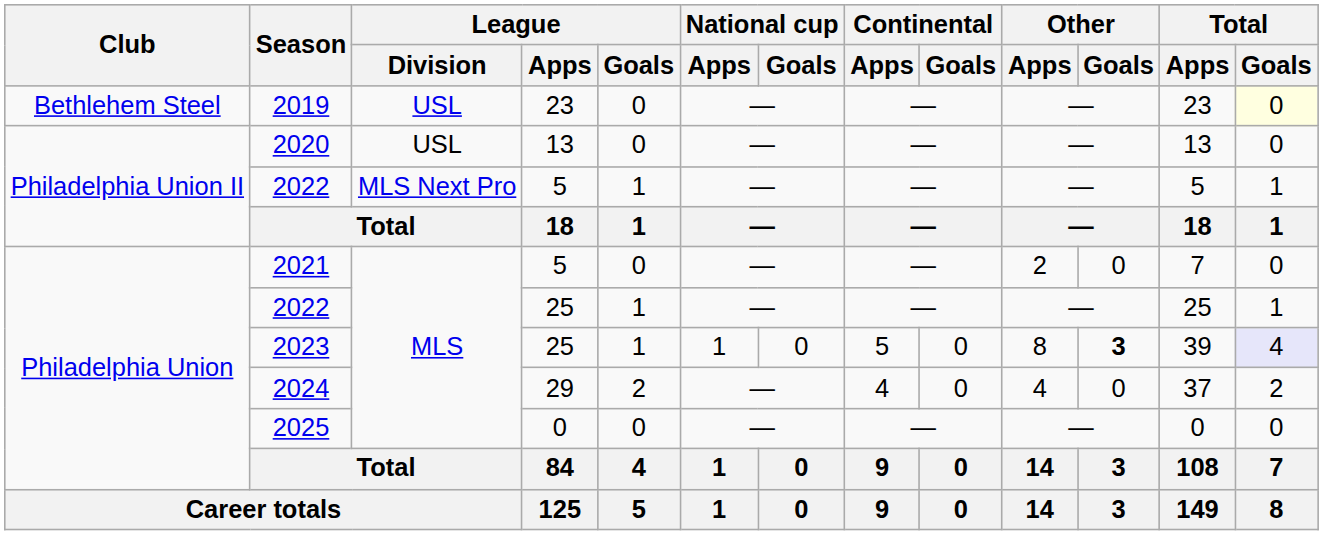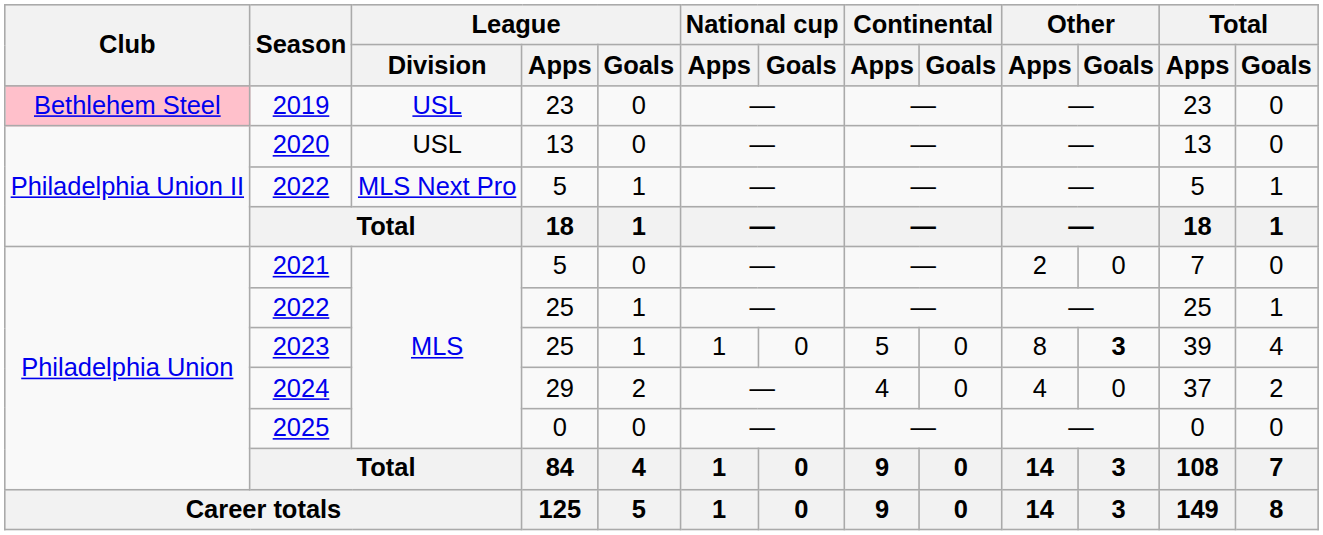 <table class="wikitable" style="text-align:center">
 <tr>
 <th rowspan="2">Club</th>
 <th rowspan="2">Season</th>
 <th colspan="3">League</th>
 <th colspan="2">National cup</th>
 <th colspan="2">Continental</th>
 <th colspan="2">Other</th>
 <th colspan="2">Total</th>
 </tr>
 <tr>
 <th>Division</th>
 <th>Apps</th>
 <th>Goals</th>
 <th>Apps</th>
 <th>Goals</th>
 <th>Apps</th>
 <th>Goals</th>
 <th>Apps</th>
 <th>Goals</th>
 <th>Apps</th>
 <th>Goals</th>
 </tr>
 <tr>
-<td><a href='#'>Bethlehem Steel</a></td>
+<td style="background: pink;"><a href='#'>Bethlehem Steel</a></td>
 <td><a href='#'>2019</a></td>
 <td><a href='#'>USL</a></td>
 <td>23</td>
 <td>0</td>
 <td colspan="2">—</td>
 <td colspan="2">—</td>
 <td colspan="2">—</td>
 <td>23</td>
-<td style="background: lightyellow;">0</td>
+<td>0</td>
 </tr>
 <tr>
 <td rowspan="3"><a href='#'>Philadelphia Union II</a></td>
 <td><a href='#'>2020</a></td>
 <td>USL</td>
 <td>13</td>
 <td>0</td>
 <td colspan="2">—</td>
 <td colspan="2">—</td>
 <td colspan="2">—</td>
 <td>13</td>
 <td>0</td>
 </tr>
 <tr>
 <td><a href='#'>2022</a></td>
 <td><a href='#'>MLS Next Pro</a></td>
 <td>5</td>
 <td>1</td>
 <td colspan="2">—</td>
 <td colspan="2">—</td>
 <td colspan="2">—</td>
 <td>5</td>
 <td>1</td>
 </tr>
 <tr>
 <th colspan="2">Total</th>
 <th>18</th>
 <th>1</th>
 <th colspan="2">—</th>
 <th colspan="2">—</th>
 <th colspan="2">—</th>
 <th>18</th>
 <th>1</th>
 </tr>
 <tr>
 <td rowspan="6"><a href='#'>Philadelphia Union</a></td>
 <td><a href='#'>2021</a></td>
 <td rowspan="5"><a href='#'>MLS</a></td>
 <td>5</td>
 <td>0</td>
 <td colspan="2">—</td>
 <td colspan="2">—</td>
 <td>2</td>
 <td>0</td>
 <td>7</td>
 <td>0</td>
 </tr>
 <tr>
 <td><a href='#'>2022</a></td>
 <td>25</td>
 <td>1</td>
 <td colspan="2">—</td>
 <td colspan="2">—</td>
 <td colspan="2">—</td>
 <td>25</td>
 <td>1</td>
 </tr>
 <tr>
 <td><a href='#'>2023</a></td>
 <td>25</td>
 <td>1</td>
 <td>1</td>
 <td>0</td>
 <td>5</td>
 <td>0</td>
 <td>8</td>
 <td><strong>3</strong></td>
 <td>39</td>
-<td style="background: lavender;">4</td>
+<td>4</td>
 </tr>
 <tr>
 <td><a href='#'>2024</a></td>
 <td>29</td>
 <td>2</td>
 <td colspan="2">—</td>
 <td>4</td>
 <td>0</td>
 <td>4</td>
 <td>0</td>
 <td>37</td>
 <td>2</td>
 </tr>
 <tr>
 <td><a href='#'>2025</a></td>
 <td>0</td>
 <td>0</td>
 <td colspan="2">—</td>
 <td colspan="2">—</td>
 <td colspan="2">—</td>
 <td>0</td>
 <td>0</td>
 </tr>
 <tr>
 <th colspan="2">Total</th>
 <th>84</th>
 <th>4</th>
 <th>1</th>
 <th>0</th>
 <th>9</th>
 <th>0</th>
 <th>14</th>
 <th>3</th>
 <th>108</th>
 <th>7</th>
 </tr>
 <tr>
 <th colspan="3">Career totals</th>
 <th>125</th>
 <th>5</th>
 <th>1</th>
 <th>0</th>
 <th>9</th>
 <th>0</th>
 <th>14</th>
 <th>3</th>
 <th>149</th>
 <th>8</th>
 </tr>
 </table>
